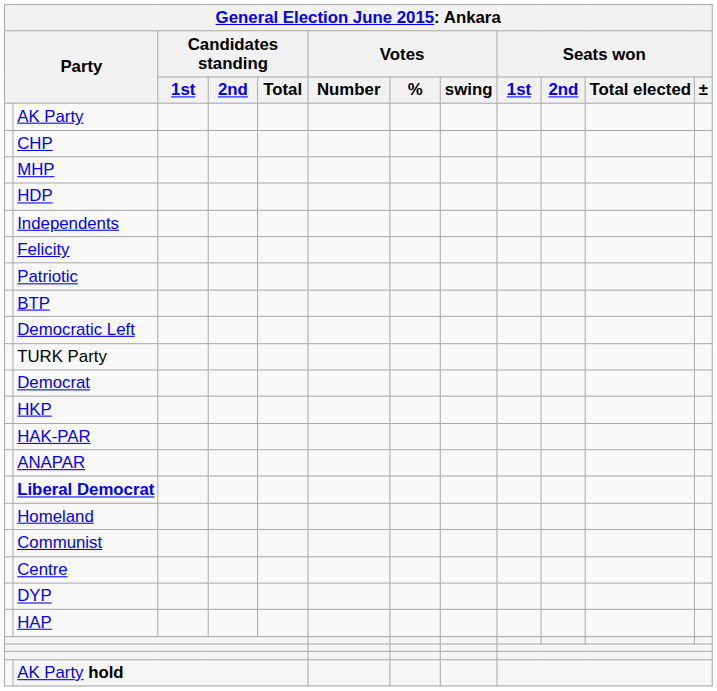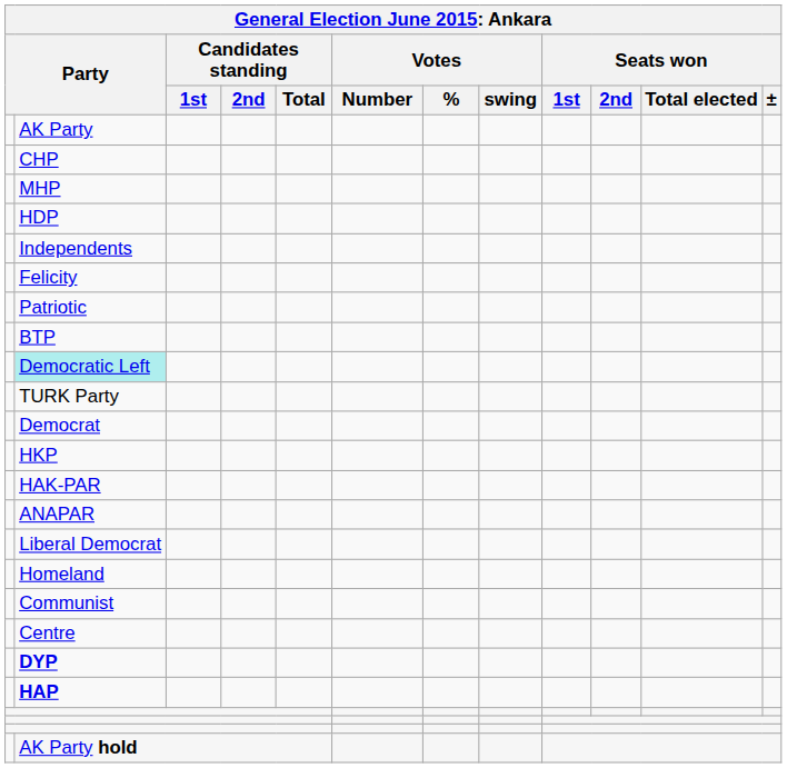 <table class="wikitable">
 <tr>
 <th colspan="14"><a href='#'>General Election June 2015</a>: Ankara</th>
 </tr>
 <tr>
 <th colspan="2" rowspan="2">Party</th>
 <th colspan="3">Candidates standing</th>
 <th colspan="3">Votes</th>
 <th colspan="4">Seats won</th>
 </tr>
 <tr>
 <th style="width:40px;"><a href='#'>1st</a></th>
 <th style="width:40px;"><a href='#'>2nd</a></th>
 <th style="width:40px;">Total</th>
 <th style="width:71px;">Number</th>
 <th style="width:41px;">%</th>
 <th style="width:46px;">swing</th>
 <th style="width:35px;"><a href='#'>1st</a></th>
 <th style="width:35px;"><a href='#'>2nd</a></th>
 <th>Total elected</th>
 <th>±</th>
 </tr>
 <tr>
 <td style="width:1px; background: "></td>
 <td><a href='#'>AK Party</a></td>
 <td></td>
 <td></td>
 <td></td>
 <td></td>
 <td></td>
 <td></td>
 <td></td>
 <td></td>
 <td></td>
 <td></td>
 </tr>
 <tr>
 <td style="width:1px; background: "></td>
 <td><a href='#'>CHP</a></td>
 <td></td>
 <td></td>
 <td></td>
 <td></td>
 <td></td>
 <td></td>
 <td></td>
 <td></td>
 <td></td>
 <td></td>
 </tr>
 <tr>
 <td style="width:1px; background: "></td>
 <td><a href='#'>MHP</a></td>
 <td></td>
 <td></td>
 <td></td>
 <td></td>
 <td></td>
 <td></td>
 <td></td>
 <td></td>
 <td></td>
 <td></td>
 </tr>
 <tr>
 <td style="width:1px; background: "></td>
 <td><a href='#'>HDP</a></td>
 <td></td>
 <td></td>
 <td></td>
 <td></td>
 <td></td>
 <td></td>
 <td></td>
 <td></td>
 <td></td>
 <td></td>
 </tr>
 <tr>
 <td style="width:1px; background: "></td>
 <td><a href='#'>Independents</a></td>
 <td></td>
 <td></td>
 <td></td>
 <td></td>
 <td></td>
 <td></td>
 <td></td>
 <td></td>
 <td></td>
 <td></td>
 </tr>
 <tr>
 <td style="width:1px; background: "></td>
 <td><a href='#'>Felicity</a></td>
 <td></td>
 <td></td>
 <td></td>
 <td></td>
 <td></td>
 <td></td>
 <td></td>
 <td></td>
 <td></td>
 <td></td>
 </tr>
 <tr>
 <td style="width:1px; background: "></td>
 <td><a href='#'>Patriotic</a></td>
 <td></td>
 <td></td>
 <td></td>
 <td></td>
 <td></td>
 <td></td>
 <td></td>
 <td></td>
 <td></td>
 <td></td>
 </tr>
 <tr>
 <td style="width:1px; background: "></td>
 <td><a href='#'>BTP</a></td>
 <td></td>
 <td></td>
 <td></td>
 <td></td>
 <td></td>
 <td></td>
 <td></td>
 <td></td>
 <td></td>
 <td></td>
 </tr>
 <tr>
 <td style="width:1px; background: "></td>
-<td><a href='#'>Democratic Left</a></td>
+<td style="background: paleturquoise;"><a href='#'>Democratic Left</a></td>
 <td></td>
 <td></td>
 <td></td>
 <td></td>
 <td></td>
 <td></td>
 <td></td>
 <td></td>
 <td></td>
 <td></td>
 </tr>
 <tr>
 <td style="width:1px; background: "></td>
 <td>TURK Party</td>
 <td></td>
 <td></td>
 <td></td>
 <td></td>
 <td></td>
 <td></td>
 <td></td>
 <td></td>
 <td></td>
 <td></td>
 </tr>
 <tr>
 <td style="width:1px; background: "></td>
 <td><a href='#'>Democrat</a></td>
 <td></td>
 <td></td>
 <td></td>
 <td></td>
 <td></td>
 <td></td>
 <td></td>
 <td></td>
 <td></td>
 <td></td>
 </tr>
 <tr>
 <td style="width:1px; background: "></td>
 <td><a href='#'>HKP</a></td>
 <td></td>
 <td></td>
 <td></td>
 <td></td>
 <td></td>
 <td></td>
 <td></td>
 <td></td>
 <td></td>
 <td></td>
 </tr>
 <tr>
 <td style="width:1px; background: "></td>
 <td><a href='#'>HAK-PAR</a></td>
 <td></td>
 <td></td>
 <td></td>
 <td></td>
 <td></td>
 <td></td>
 <td></td>
 <td></td>
 <td></td>
 <td></td>
 </tr>
 <tr>
 <td style="width:1px; background: "></td>
 <td><a href='#'>ANAPAR</a></td>
 <td></td>
 <td></td>
 <td></td>
 <td></td>
 <td></td>
 <td></td>
 <td></td>
 <td></td>
 <td></td>
 <td></td>
 </tr>
 <tr>
 <td style="width:1px; background: "></td>
-<td><strong><a href='#'>Liberal Democrat</a></strong></td>
+<td><a href='#'>Liberal Democrat</a></td>
 <td></td>
 <td></td>
 <td></td>
 <td></td>
 <td></td>
 <td></td>
 <td></td>
 <td></td>
 <td></td>
 <td></td>
 </tr>
 <tr>
 <td style="width:1px; background: "></td>
 <td><a href='#'>Homeland</a></td>
 <td></td>
 <td></td>
 <td></td>
 <td></td>
 <td></td>
 <td></td>
 <td></td>
 <td></td>
 <td></td>
 <td></td>
 </tr>
 <tr>
 <td style="width:1px; background: "></td>
 <td><a href='#'>Communist</a></td>
 <td></td>
 <td></td>
 <td></td>
 <td></td>
 <td></td>
 <td></td>
 <td></td>
 <td></td>
 <td></td>
 <td></td>
 </tr>
 <tr>
 <td style="width:1px; background: "></td>
 <td><a href='#'>Centre</a></td>
 <td></td>
 <td></td>
 <td></td>
 <td></td>
 <td></td>
 <td></td>
 <td></td>
 <td></td>
 <td></td>
 <td></td>
 </tr>
 <tr>
 <td style="width:1px; background: "></td>
-<td><a href='#'>DYP</a></td>
+<td><strong><a href='#'>DYP</a></strong></td>
 <td></td>
 <td></td>
 <td></td>
 <td></td>
 <td></td>
 <td></td>
 <td></td>
 <td></td>
 <td></td>
 <td></td>
 </tr>
 <tr>
 <td style="width:1px; background: "></td>
-<td><a href='#'>HAP</a></td>
+<td><strong><a href='#'>HAP</a></strong></td>
 <td></td>
 <td></td>
 <td></td>
 <td></td>
 <td></td>
 <td></td>
 <td></td>
 <td></td>
 <td></td>
 <td></td>
 </tr>
 <tr>
 <td style="background: #F6F6F6" colspan="5"></td>
 <td style="background: #F6F6F6"></td>
 <td style="background: #F6F6F6"></td>
 <td style="background: #F6F6F6"></td>
 <td style="background: #F6F6F6"></td>
 <td style="background: #F6F6F6"></td>
 <td style="background: #F6F6F6"></td>
 <td style="background: #F6F6F6"></td>
 </tr>
 <tr>
 <td style="background: #F6F6F6" colspan="5"></td>
 <td style="background: #F6F6F6"></td>
 <td style="background: #F6F6F6"></td>
 <td style="background: #F6F6F6"></td>
 <td style="background: #F6F6F6" colspan="4"></td>
 </tr>
 <tr>
 <td style="background: #F6F6F6" colspan="5"></td>
 <td style="background: #F6F6F6"></td>
 <td style="background: #F6F6F6"></td>
 <td style="background: #F6F6F6"></td>
 <td style="background: #F6F6F6" colspan="4"></td>
 </tr>
 <tr>
 <td style="width:1px; background: "></td>
 <td style="background: #F6F6F6" colspan="4"><a href='#'>AK Party</a> <strong>hold</strong> </td>
 <td style="background: #F6F6F6"></td>
 <td style="background: #F6F6F6"></td>
 <td style="background: #F6F6F6"></td>
 <td style="background: #F6F6F6" colspan="5"></td>
 </tr>
 </table>
